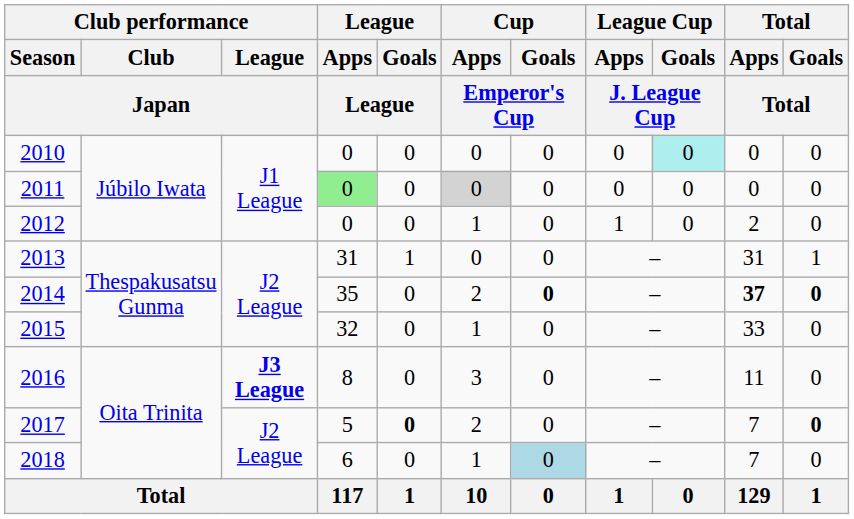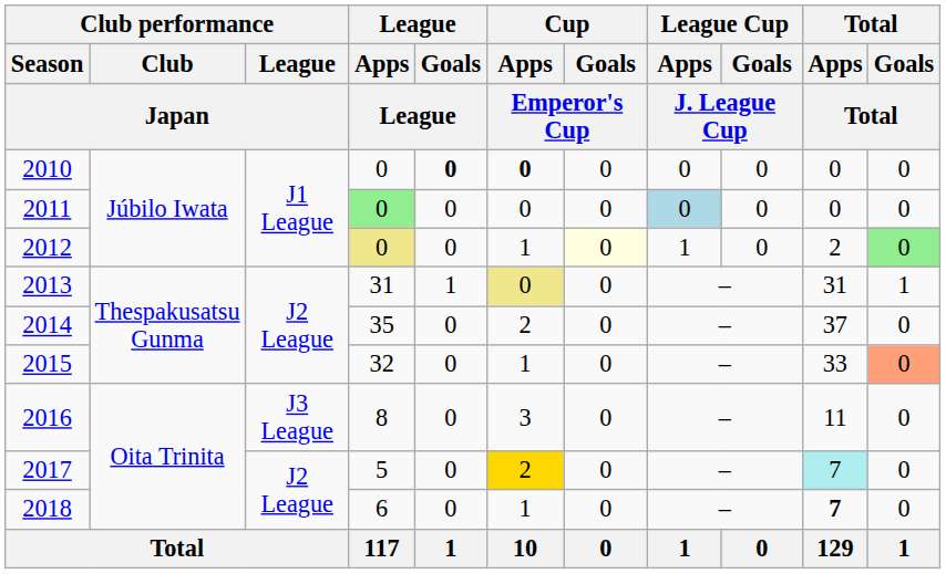 <table class="wikitable" style="text-align:center;">
 <tr>
 <th colspan=3>Club performance</th>
 <th colspan=2>League</th>
 <th colspan=2>Cup</th>
 <th colspan=2>League Cup</th>
 <th colspan=2>Total</th>
 </tr>
 <tr>
 <th>Season</th>
 <th>Club</th>
 <th>League</th>
 <th>Apps</th>
 <th>Goals</th>
 <th>Apps</th>
 <th>Goals</th>
 <th>Apps</th>
 <th>Goals</th>
 <th>Apps</th>
 <th>Goals</th>
 </tr>
 <tr>
 <th colspan=3>Japan</th>
 <th colspan=2>League</th>
 <th colspan=2><a href='#'>Emperor's Cup</a></th>
 <th colspan=2><a href='#'>J. League Cup</a></th>
 <th colspan=2>Total</th>
 </tr>
 <tr>
 <td><a href='#'>2010</a></td>
 <td rowspan="3"><a href='#'>Júbilo Iwata</a></td>
 <td rowspan="3"><a href='#'>J1 League</a></td>
 <td>0</td>
+<td><strong>0</strong></td>
+<td><strong>0</strong></td>
 <td>0</td>
 <td>0</td>
 <td>0</td>
-<td>0</td>
-<td style="background: paleturquoise;">0</td>
 <td>0</td>
 <td>0</td>
 </tr>
 <tr>
 <td><a href='#'>2011</a></td>
 <td style="background: lightgreen;">0</td>
 <td>0</td>
-<td style="background: lightgrey;">0</td>
 <td>0</td>
 <td>0</td>
+<td style="background: lightblue;">0</td>
 <td>0</td>
 <td>0</td>
 <td>0</td>
 </tr>
 <tr>
 <td><a href='#'>2012</a></td>
-<td>0</td>
+<td style="background: khaki;">0</td>
 <td>0</td>
 <td>1</td>
-<td>0</td>
+<td style="background: lightyellow;">0</td>
 <td>1</td>
 <td>0</td>
 <td>2</td>
-<td>0</td>
+<td style="background: lightgreen;">0</td>
 </tr>
 <tr>
 <td><a href='#'>2013</a></td>
 <td rowspan="3"><a href='#'>Thespakusatsu<br>Gunma</a></td>
 <td rowspan="3"><a href='#'>J2 League</a></td>
 <td>31</td>
 <td>1</td>
-<td>0</td>
+<td style="background: khaki;">0</td>
 <td>0</td>
 <td colspan="2">–</td>
 <td>31</td>
 <td>1</td>
 </tr>
 <tr>
 <td><a href='#'>2014</a></td>
 <td>35</td>
 <td>0</td>
 <td>2</td>
-<td><strong>0</strong></td>
+<td>0</td>
 <td colspan="2">–</td>
-<td><strong>37</strong></td>
-<td><strong>0</strong></td>
+<td>37</td>
+<td>0</td>
 </tr>
 <tr>
 <td><a href='#'>2015</a></td>
 <td>32</td>
 <td>0</td>
 <td>1</td>
 <td>0</td>
 <td colspan="2">–</td>
 <td>33</td>
-<td>0</td>
+<td style="background: lightsalmon;">0</td>
 </tr>
 <tr>
 <td><a href='#'>2016</a></td>
 <td rowspan="3"><a href='#'>Oita Trinita</a></td>
-<td><strong><a href='#'>J3 League</a></strong></td>
+<td><a href='#'>J3 League</a></td>
 <td>8</td>
 <td>0</td>
 <td>3</td>
 <td>0</td>
 <td colspan="2">–</td>
 <td>11</td>
 <td>0</td>
 </tr>
 <tr>
 <td><a href='#'>2017</a></td>
 <td rowspan="2"><a href='#'>J2 League</a></td>
 <td>5</td>
-<td><strong>0</strong></td>
-<td>2</td>
+<td>0</td>
+<td style="background: gold;">2</td>
 <td>0</td>
 <td colspan="2">–</td>
-<td>7</td>
-<td><strong>0</strong></td>
+<td style="background: paleturquoise;">7</td>
+<td>0</td>
 </tr>
 <tr>
 <td><a href='#'>2018</a></td>
 <td>6</td>
 <td>0</td>
 <td>1</td>
-<td style="background: lightblue;">0</td>
+<td>0</td>
 <td colspan="2">–</td>
-<td>7</td>
+<td><strong>7</strong></td>
 <td>0</td>
 </tr>
 <tr>
 <th colspan=3>Total</th>
 <th>117</th>
 <th>1</th>
 <th>10</th>
 <th>0</th>
 <th>1</th>
 <th>0</th>
 <th>129</th>
 <th>1</th>
 </tr>
 </table>
